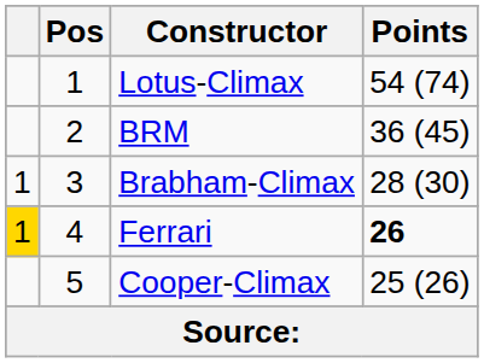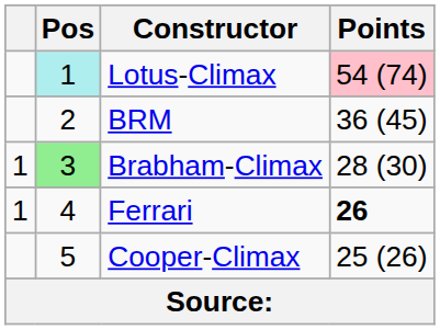 <table class="wikitable" style="font-size: 95%;">
 <tr>
 <th></th>
 <th>Pos</th>
 <th>Constructor</th>
 <th>Points</th>
 </tr>
 <tr>
 <td align="left"></td>
-<td align="center">1</td>
+<td align="center" style="background: paleturquoise;">1</td>
 <td> <a href='#'>Lotus</a>-<a href='#'>Climax</a></td>
-<td align="left">54 (74)</td>
+<td align="left" style="background: pink;">54 (74)</td>
 </tr>
 <tr>
 <td align="left"></td>
 <td align="center">2</td>
 <td> <a href='#'>BRM</a></td>
 <td align="left">36 (45)</td>
 </tr>
 <tr>
 <td align="left"> 1</td>
-<td align="center">3</td>
+<td align="center" style="background: lightgreen;">3</td>
 <td> <a href='#'>Brabham</a>-<a href='#'>Climax</a></td>
 <td align="left">28 (30)</td>
 </tr>
 <tr>
-<td align="left" style="background: gold;"> 1</td>
+<td align="left"> 1</td>
 <td align="center">4</td>
 <td> <a href='#'>Ferrari</a></td>
 <td align="left"><strong>26</strong></td>
 </tr>
 <tr>
 <td align="left"></td>
 <td align="center">5</td>
 <td> <a href='#'>Cooper</a>-<a href='#'>Climax</a></td>
 <td align="left">25 (26)</td>
 </tr>
 <tr>
 <th colspan=4>Source:</th>
 </tr>
 </table>
